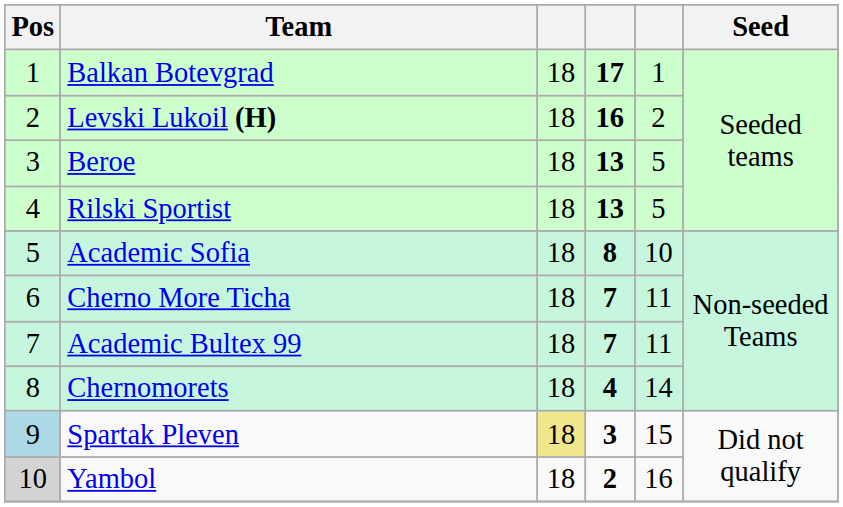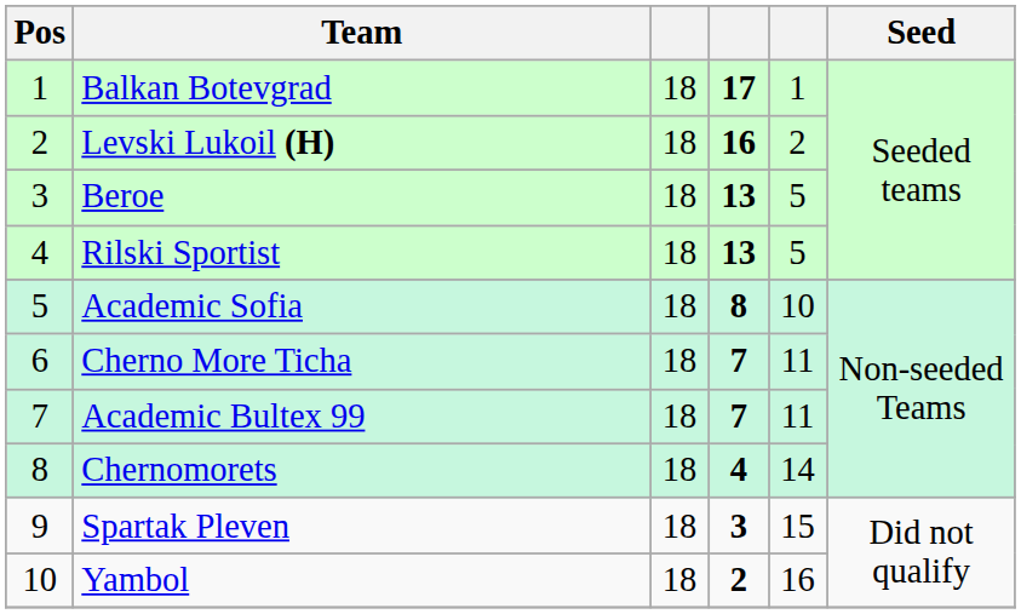 <table class="wikitable" style="text-align: center;">
 <tr>
 <th width=15>Pos</th>
 <th width=260>Team</th>
 <th width=20></th>
 <th width=20></th>
 <th width=20></th>
 <th width=80>Seed</th>
 </tr>
 <tr bgcolor="#cfc">
 <td>1</td>
 <td align="left"><a href='#'>Balkan Botevgrad</a></td>
 <td>18</td>
 <td><strong>17</strong></td>
 <td>1</td>
 <td rowspan=4>Seeded teams</td>
 </tr>
 <tr bgcolor="#cfc">
 <td>2</td>
 <td align="left"><a href='#'>Levski Lukoil</a> <strong>(H)</strong></td>
 <td>18</td>
 <td><strong>16</strong></td>
 <td>2</td>
 </tr>
 <tr bgcolor="#cfc">
 <td>3</td>
 <td align="left"><a href='#'>Beroe</a></td>
 <td>18</td>
 <td><strong>13</strong></td>
 <td>5</td>
 </tr>
 <tr bgcolor="#cfc">
 <td>4</td>
 <td align="left"><a href='#'>Rilski Sportist</a></td>
 <td>18</td>
 <td><strong>13</strong></td>
 <td>5</td>
 </tr>
 <tr bgcolor="#c6f7de">
 <td>5</td>
 <td align="left"><a href='#'>Academic Sofia</a></td>
 <td>18</td>
 <td><strong>8</strong></td>
 <td>10</td>
 <td rowspan=4>Non-seeded Teams</td>
 </tr>
 <tr bgcolor="#c6f7de">
 <td>6</td>
 <td align="left"><a href='#'>Cherno More Ticha</a></td>
 <td>18</td>
 <td><strong>7</strong></td>
 <td>11</td>
 </tr>
 <tr bgcolor="#c6f7de">
 <td>7</td>
 <td align="left"><a href='#'>Academic Bultex 99</a></td>
 <td>18</td>
 <td><strong>7</strong></td>
 <td>11</td>
 </tr>
 <tr bgcolor="#c6f7de ">
 <td>8</td>
 <td align="left"><a href='#'>Chernomorets</a></td>
 <td>18</td>
 <td><strong>4</strong></td>
 <td>14</td>
 </tr>
 <tr>
-<td style="background: lightblue;">9</td>
+<td>9</td>
 <td align="left"><a href='#'>Spartak Pleven</a></td>
-<td style="background: khaki;">18</td>
+<td>18</td>
 <td><strong>3</strong></td>
 <td>15</td>
 <td rowspan=2>Did not qualify</td>
 </tr>
 <tr>
-<td style="background: lightgrey;">10</td>
+<td>10</td>
 <td align="left"><a href='#'>Yambol</a></td>
 <td>18</td>
 <td><strong>2</strong></td>
 <td>16</td>
 </tr>
 <tr>
 </tr>
 </table>
